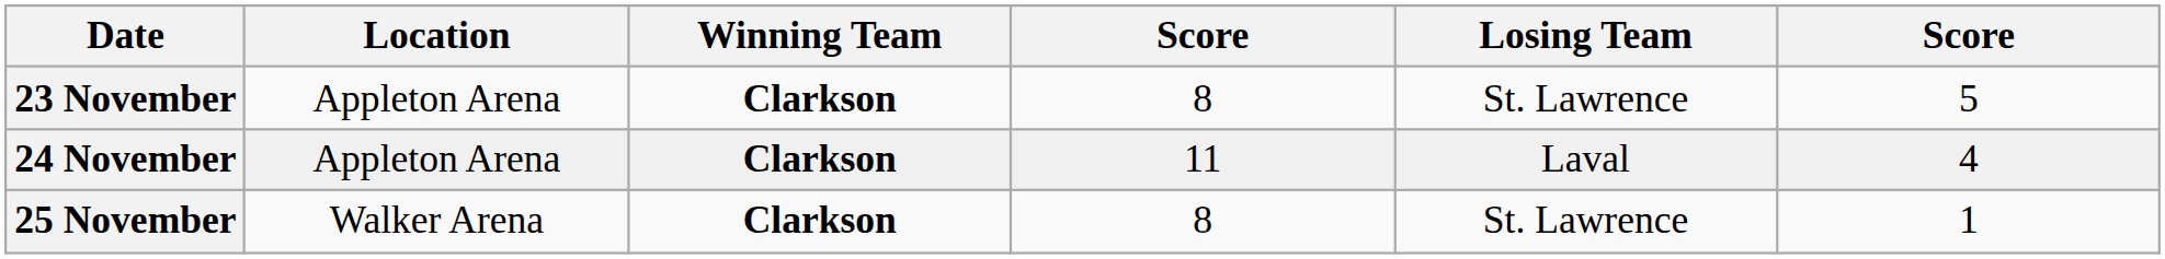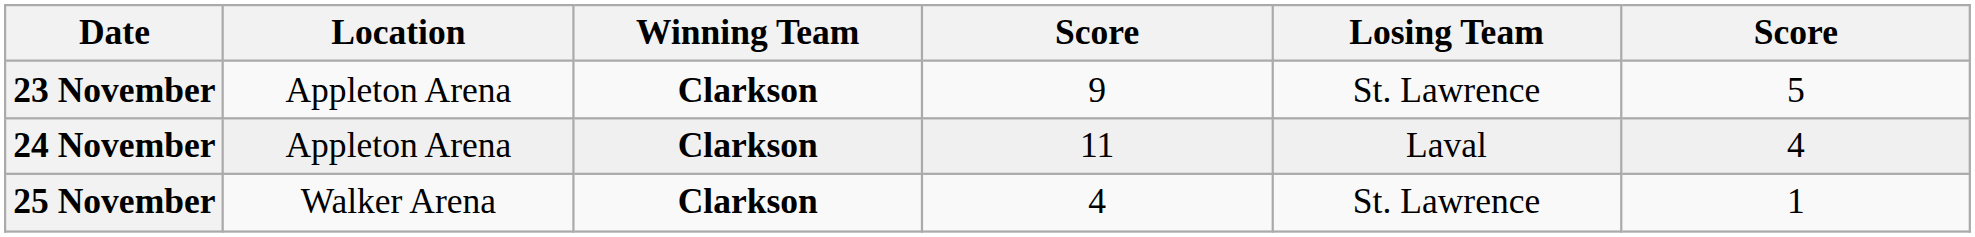 <table class="wikitable" style="text-align:center" cellpadding=2 cellspacing=2>
 <tr>
 <th>Date</th>
 <th scope="col" width="150">Location</th>
 <th scope="col" width="150">Winning Team</th>
 <th scope="col" width="150">Score</th>
 <th scope="col" width="150">Losing Team</th>
 <th scope="col" width="150">Score</th>
 </tr>
 <tr>
 <th>23 November</th>
 <td>Appleton Arena</td>
 <td><strong>Clarkson</strong></td>
-<td>8</td>
+<td>9</td>
 <td>St. Lawrence</td>
 <td>5</td>
 </tr>
 <tr bgcolor=f0f0f0>
 <th>24 November</th>
 <td>Appleton Arena</td>
 <td><strong>Clarkson</strong></td>
 <td>11</td>
 <td>Laval</td>
 <td>4</td>
 </tr>
 <tr>
 <th>25 November</th>
 <td>Walker Arena</td>
 <td><strong>Clarkson</strong></td>
-<td>8</td>
+<td>4</td>
 <td>St. Lawrence</td>
 <td>1</td>
 </tr>
 </table>
